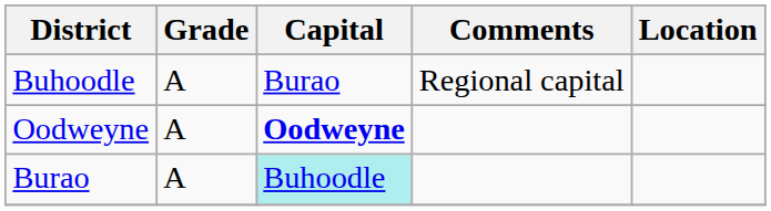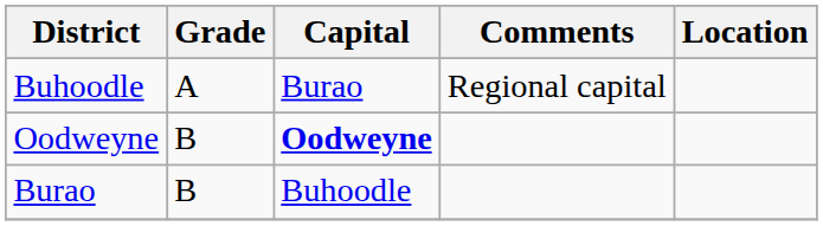 <table class="wikitable sortable">
 <tr>
 <th>District</th>
 <th>Grade</th>
 <th>Capital</th>
 <th>Comments</th>
 <th>Location</th>
 </tr>
 <tr>
 <td><a href='#'>Buhoodle</a></td>
 <td>A</td>
 <td><a href='#'>Burao</a></td>
 <td>Regional capital</td>
 <td></td>
 </tr>
 <tr>
 <td><a href='#'>Oodweyne</a></td>
-<td>A</td>
+<td>B</td>
 <td><strong><a href='#'>Oodweyne</a></strong></td>
 <td></td>
 <td></td>
 </tr>
 <tr>
 <td><a href='#'>Burao</a></td>
-<td>A</td>
-<td style="background: paleturquoise;"><a href='#'>Buhoodle</a></td>
+<td>B</td>
+<td><a href='#'>Buhoodle</a></td>
 <td></td>
 <td></td>
 </tr>
 <tr>
 </tr>
 </table>
